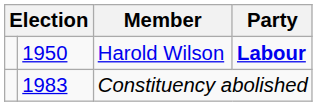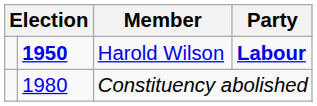 <table class="wikitable">
 <tr>
 <th colspan=2>Election</th>
 <th>Member</th>
 <th>Party</th>
 </tr>
 <tr>
 <td style="color:inherit;background-color: "></td>
-<td><a href='#'>1950</a></td>
+<td><strong><a href='#'>1950</a></strong></td>
 <td><a href='#'>Harold Wilson</a></td>
 <td><strong><a href='#'>Labour</a></strong></td>
 </tr>
 <tr>
 <td></td>
-<td><a href='#'>1983</a></td>
+<td><a href='#'>1980</a></td>
 <td colspan="2"><em>Constituency abolished</em></td>
 </tr>
 </table>
